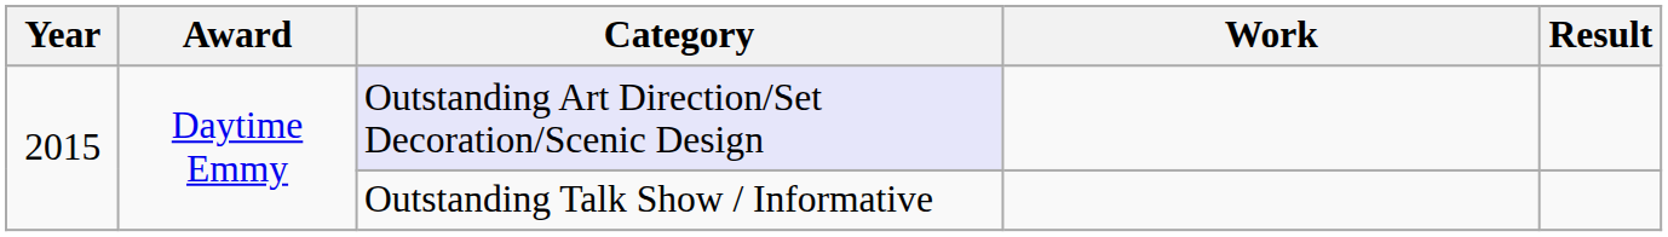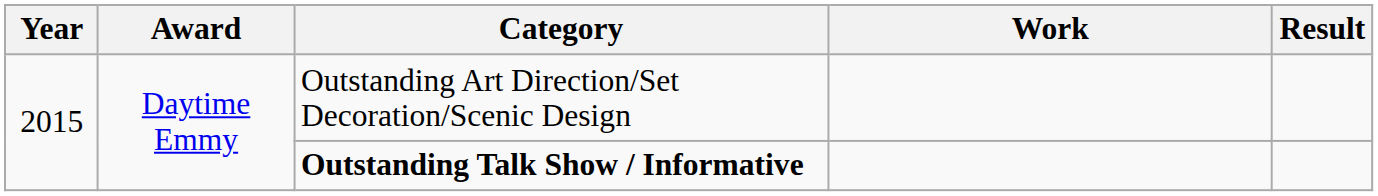 <table class="wikitable" width="55%">
 <tr>
 <th width="7%">Year</th>
 <th width="15%">Award</th>
 <th width="42%">Category</th>
 <th width="36%">Work</th>
 <th width="8%">Result</th>
 </tr>
 <tr>
 <td rowspan=2 align=center>2015</td>
 <td rowspan=2 align=center><a href='#'>Daytime Emmy</a></td>
-<td style="background: lavender;">Outstanding Art Direction/Set Decoration/Scenic Design</td>
+<td>Outstanding Art Direction/Set Decoration/Scenic Design</td>
 <td></td>
 <td></td>
 </tr>
 <tr>
-<td>Outstanding Talk Show / Informative</td>
+<td><strong>Outstanding Talk Show / Informative</strong></td>
 <td></td>
 <td></td>
 </tr>
 </table>
